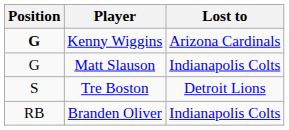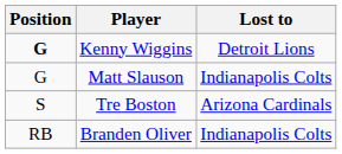 <table class="wikitable" style="text-align:center">
 <tr>
 <th>Position</th>
 <th>Player</th>
 <th>Lost to</th>
 </tr>
 <tr>
 <td><strong>G</strong></td>
 <td><a href='#'>Kenny Wiggins</a></td>
-<td><a href='#'>Arizona Cardinals</a></td>
+<td><a href='#'>Detroit Lions</a></td>
 </tr>
 <tr>
 <td>G</td>
 <td><a href='#'>Matt Slauson</a></td>
 <td><a href='#'>Indianapolis Colts</a></td>
 </tr>
 <tr>
 <td>S</td>
 <td><a href='#'>Tre Boston</a></td>
-<td><a href='#'>Detroit Lions</a></td>
+<td><a href='#'>Arizona Cardinals</a></td>
 </tr>
 <tr>
 <td>RB</td>
 <td><a href='#'>Branden Oliver</a></td>
 <td><a href='#'>Indianapolis Colts</a></td>
 </tr>
 </table>
